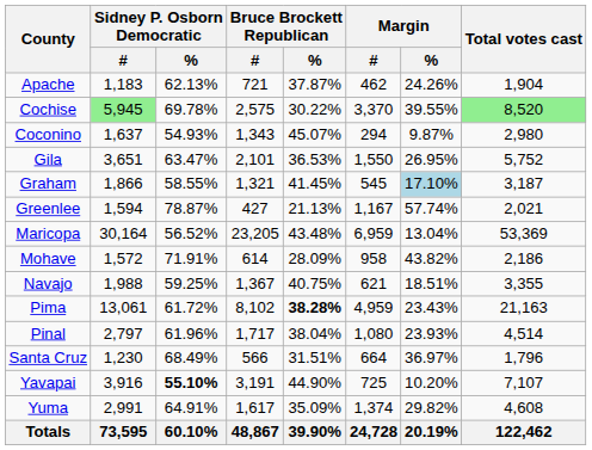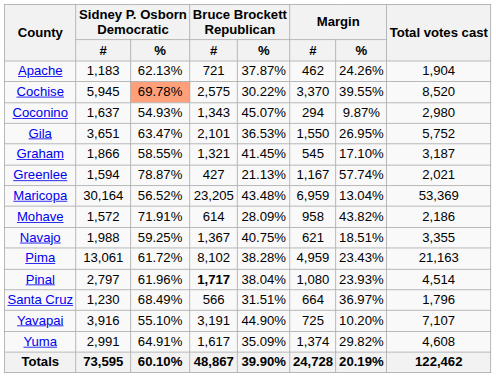 <table class="wikitable sortable" style="text-align:center">
 <tr>
 <th rowspan="2">County</th>
 <th style="text-align:center;" colspan="2">Sidney P. Osborn<br>Democratic</th>
 <th style="text-align:center;" colspan="2">Bruce Brockett<br>Republican</th>
 <th style="text-align:center;" colspan="2">Margin</th>
 <th style="text-align:center;" rowspan="2">Total votes cast</th>
 </tr>
 <tr>
 <th style="text-align:center;" data-sort-type="number">#</th>
 <th style="text-align:center;" data-sort-type="number">%</th>
 <th style="text-align:center;" data-sort-type="number">#</th>
 <th style="text-align:center;" data-sort-type="number">%</th>
 <th style="text-align:center;" data-sort-type="number">#</th>
 <th style="text-align:center;" data-sort-type="number">%</th>
 </tr>
 <tr style="text-align:center;">
 <td><a href='#'>Apache</a></td>
 <td>1,183</td>
 <td>62.13%</td>
 <td>721</td>
 <td>37.87%</td>
 <td>462</td>
 <td>24.26%</td>
 <td>1,904</td>
 </tr>
 <tr style="text-align:center;">
 <td><a href='#'>Cochise</a></td>
-<td style="background: lightgreen;">5,945</td>
-<td>69.78%</td>
+<td>5,945</td>
+<td style="background: lightsalmon;">69.78%</td>
 <td>2,575</td>
 <td>30.22%</td>
 <td>3,370</td>
 <td>39.55%</td>
-<td style="background: lightgreen;">8,520</td>
+<td>8,520</td>
 </tr>
 <tr style="text-align:center;">
 <td><a href='#'>Coconino</a></td>
 <td>1,637</td>
 <td>54.93%</td>
 <td>1,343</td>
 <td>45.07%</td>
 <td>294</td>
 <td>9.87%</td>
 <td>2,980</td>
 </tr>
 <tr style="text-align:center;">
 <td><a href='#'>Gila</a></td>
 <td>3,651</td>
 <td>63.47%</td>
 <td>2,101</td>
 <td>36.53%</td>
 <td>1,550</td>
 <td>26.95%</td>
 <td>5,752</td>
 </tr>
 <tr style="text-align:center;">
 <td><a href='#'>Graham</a></td>
 <td>1,866</td>
 <td>58.55%</td>
 <td>1,321</td>
 <td>41.45%</td>
 <td>545</td>
-<td style="background: lightblue;">17.10%</td>
+<td>17.10%</td>
 <td>3,187</td>
 </tr>
 <tr style="text-align:center;">
 <td><a href='#'>Greenlee</a></td>
 <td>1,594</td>
 <td>78.87%</td>
 <td>427</td>
 <td>21.13%</td>
 <td>1,167</td>
 <td>57.74%</td>
 <td>2,021</td>
 </tr>
 <tr style="text-align:center;">
 <td><a href='#'>Maricopa</a></td>
 <td>30,164</td>
 <td>56.52%</td>
 <td>23,205</td>
 <td>43.48%</td>
 <td>6,959</td>
 <td>13.04%</td>
 <td>53,369</td>
 </tr>
 <tr style="text-align:center;">
 <td><a href='#'>Mohave</a></td>
 <td>1,572</td>
 <td>71.91%</td>
 <td>614</td>
 <td>28.09%</td>
 <td>958</td>
 <td>43.82%</td>
 <td>2,186</td>
 </tr>
 <tr style="text-align:center;">
 <td><a href='#'>Navajo</a></td>
 <td>1,988</td>
 <td>59.25%</td>
 <td>1,367</td>
 <td>40.75%</td>
 <td>621</td>
 <td>18.51%</td>
 <td>3,355</td>
 </tr>
 <tr style="text-align:center;">
 <td><a href='#'>Pima</a></td>
 <td>13,061</td>
 <td>61.72%</td>
 <td>8,102</td>
-<td><strong>38.28%</strong></td>
+<td>38.28%</td>
 <td>4,959</td>
 <td>23.43%</td>
 <td>21,163</td>
 </tr>
 <tr style="text-align:center;">
 <td><a href='#'>Pinal</a></td>
 <td>2,797</td>
 <td>61.96%</td>
-<td>1,717</td>
+<td><strong>1,717</strong></td>
 <td>38.04%</td>
 <td>1,080</td>
 <td>23.93%</td>
 <td>4,514</td>
 </tr>
 <tr style="text-align:center;">
 <td><a href='#'>Santa Cruz</a></td>
 <td>1,230</td>
 <td>68.49%</td>
 <td>566</td>
 <td>31.51%</td>
 <td>664</td>
 <td>36.97%</td>
 <td>1,796</td>
 </tr>
 <tr style="text-align:center;">
 <td><a href='#'>Yavapai</a></td>
 <td>3,916</td>
-<td><strong>55.10%</strong></td>
+<td>55.10%</td>
 <td>3,191</td>
 <td>44.90%</td>
 <td>725</td>
 <td>10.20%</td>
 <td>7,107</td>
 </tr>
 <tr style="text-align:center;">
 <td><a href='#'>Yuma</a></td>
 <td>2,991</td>
 <td>64.91%</td>
 <td>1,617</td>
 <td>35.09%</td>
 <td>1,374</td>
 <td>29.82%</td>
 <td>4,608</td>
 </tr>
 <tr style="text-align:center;">
 <th>Totals</th>
 <th>73,595</th>
 <th>60.10%</th>
 <th>48,867</th>
 <th>39.90%</th>
 <th>24,728</th>
 <th>20.19%</th>
 <th>122,462</th>
 </tr>
 </table>
